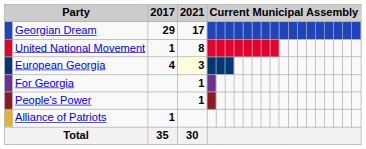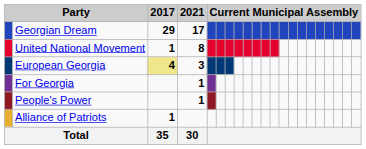 <table class="wikitable">
 <tr>
 <th colspan="2" style="background:#ccc">Party</th>
 <th style="background:#ccc">2017</th>
 <th style="background:#ccc">2021</th>
 <th colspan="43" style="background:#ccc">Current Municipal Assembly</th>
 </tr>
 <tr>
 <td style="background-color: #2044BC  "> </td>
 <td><a href='#'>Georgian Dream</a></td>
 <td style="text-align: right"><strong>29</strong></td>
 <td style="text-align: right"><strong>17</strong></td>
 <td style="background-color: #2044BC "> </td>
 <td style="background-color: #2044BC "> </td>
 <td style="background-color: #2044BC "> </td>
 <td style="background-color: #2044BC "> </td>
 <td style="background-color: #2044BC "> </td>
 <td style="background-color: #2044BC "> </td>
 <td style="background-color: #2044BC "> </td>
 <td style="background-color: #2044BC "> </td>
 <td style="background-color: #2044BC "> </td>
 <td style="background-color: #2044BC "> </td>
 <td style="background-color: #2044BC "> </td>
 <td style="background-color: #2044BC "> </td>
 <td style="background-color: #2044BC "> </td>
 <td style="background-color: #2044BC "> </td>
 <td style="background-color: #2044BC "> </td>
 <td style="background-color: #2044BC "> </td>
 <td style="background-color: #2044BC "> </td>
 </tr>
 <tr>
 <td style="background-color: #e4012e "> </td>
 <td><a href='#'>United National Movement</a></td>
 <td style="text-align: right"><strong>1</strong></td>
 <td style="text-align: right"><strong>8</strong></td>
 <td style="background-color: #e4012e"> </td>
 <td style="background-color: #e4012e "> </td>
 <td style="background-color: #e4012e "> </td>
 <td style="background-color: #e4012e "> </td>
 <td style="background-color: #e4012e "> </td>
 <td style="background-color: #e4012e "> </td>
 <td style="background-color: #e4012e "> </td>
 <td style="background-color: #e4012e "> </td>
 <td></td>
 <td></td>
 <td></td>
 <td></td>
 <td></td>
 <td></td>
 <td></td>
 <td></td>
 <td></td>
 </tr>
 <tr>
 <td style="background-color: #003876 "> </td>
 <td><a href='#'>European Georgia</a></td>
-<td style="text-align: right"><strong>4</strong></td>
-<td style="background: lightyellow; text-align: right"><strong>3</strong></td>
+<td style="background: khaki; text-align: right"><strong>4</strong></td>
+<td style="text-align: right"><strong>3</strong></td>
 <td style="background-color: #003876 "> </td>
 <td style="background-color: #003876 "> </td>
 <td style="background-color: #003876 "> </td>
 <td></td>
 <td></td>
 <td></td>
 <td></td>
 <td></td>
 <td></td>
 <td></td>
 <td></td>
 <td></td>
 <td></td>
 <td></td>
 <td></td>
 <td></td>
 <td></td>
 </tr>
 <tr>
 <td style="background-color: #702F92 "> </td>
 <td><a href='#'>For Georgia</a></td>
 <td></td>
 <td style="text-align: right"><strong>1</strong></td>
 <td style="background-color: #702F92 "> </td>
 <td></td>
 <td></td>
 <td></td>
 <td></td>
 <td></td>
 <td></td>
 <td></td>
 <td></td>
 <td></td>
 <td></td>
 <td></td>
 <td></td>
 <td></td>
 <td></td>
 <td></td>
 <td></td>
 </tr>
 <tr>
 <td style="background-color: #8e1922"> </td>
 <td><a href='#'>People's Power</a></td>
 <td></td>
 <td style="text-align: right"><strong>1</strong></td>
 <td style="background-color: #8e1922"> </td>
 <td></td>
 <td></td>
 <td></td>
 <td></td>
 <td></td>
 <td></td>
 <td></td>
 <td></td>
 <td></td>
 <td></td>
 <td></td>
 <td></td>
 <td></td>
 <td></td>
 <td></td>
 <td></td>
 </tr>
 <tr>
 <td style="background-color: #e7b031 "> </td>
 <td><a href='#'>Alliance of Patriots</a></td>
 <td style="text-align: right"><strong>1</strong></td>
 <td></td>
 <td></td>
 <td></td>
 <td></td>
 <td></td>
 <td></td>
 <td></td>
 <td></td>
 <td></td>
 <td></td>
 <td></td>
 <td></td>
 <td></td>
 <td></td>
 <td></td>
 <td></td>
 <td></td>
 <td></td>
 </tr>
 <tr>
 <th colspan="2">Total</th>
 <th align="right">35</th>
 <th align="right">30</th>
 <th colspan="43"> </th>
 </tr>
 </table>
